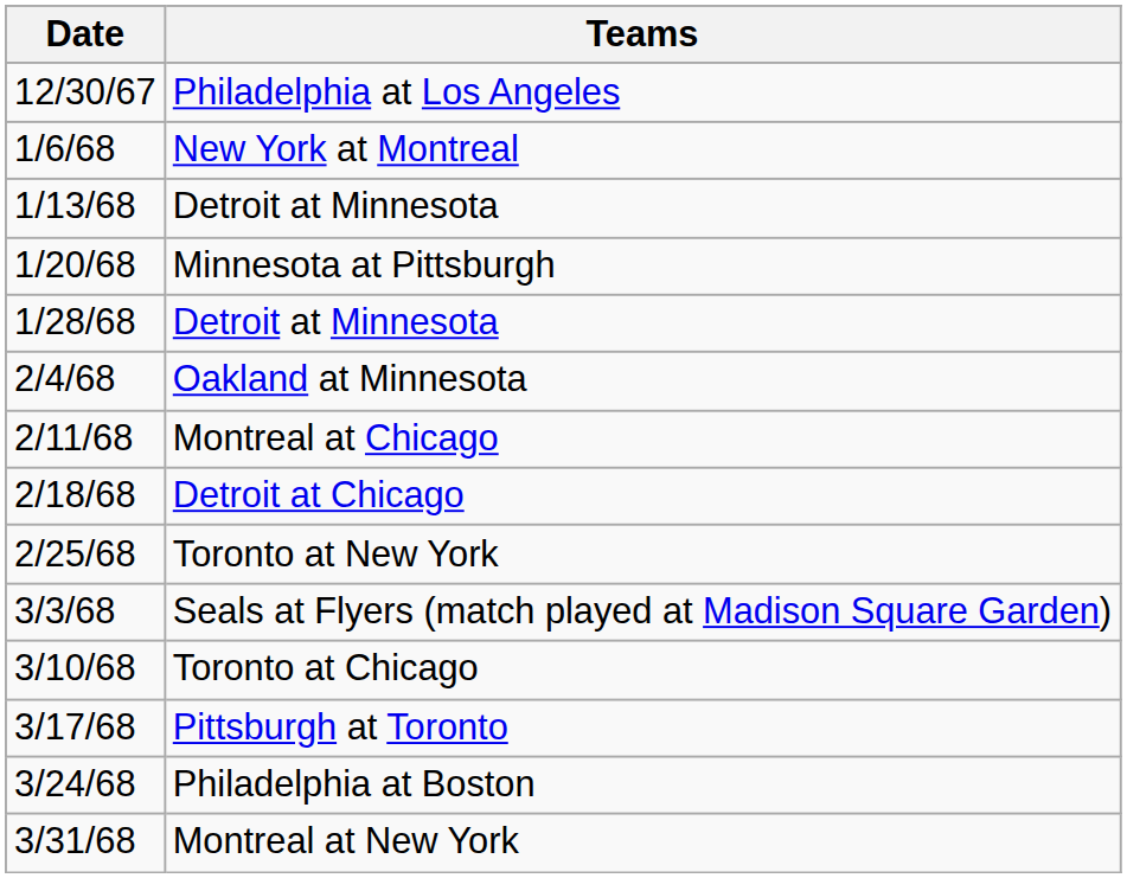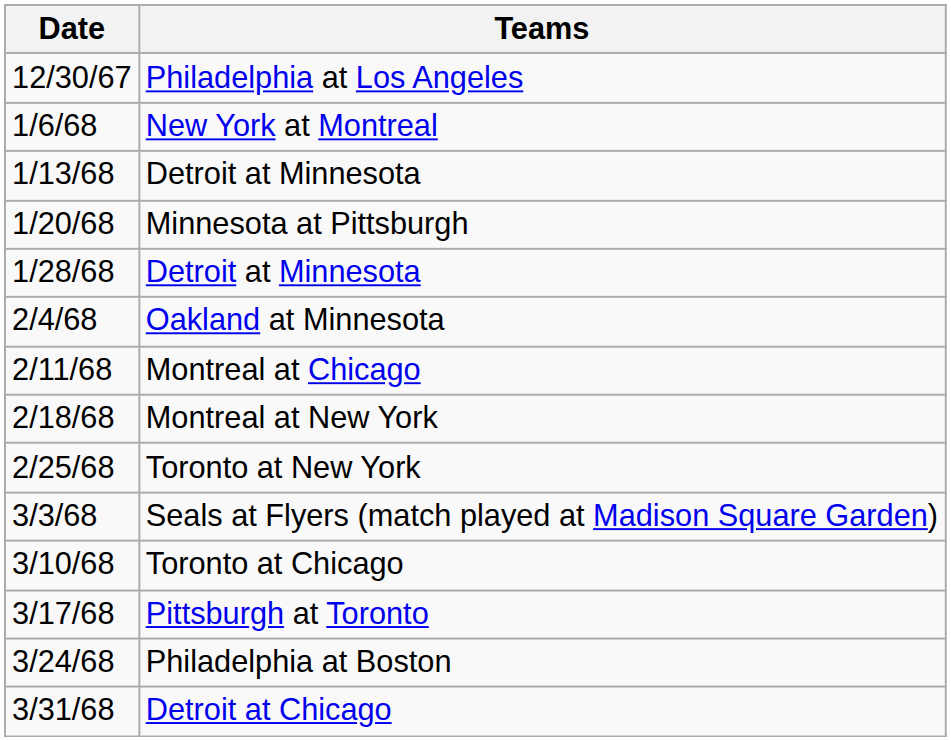 <table class="wikitable">
 <tr>
 <th>Date</th>
 <th>Teams</th>
 </tr>
 <tr>
 <td>12/30/67</td>
 <td><a href='#'>Philadelphia</a> at <a href='#'>Los Angeles</a></td>
 </tr>
 <tr>
 <td>1/6/68</td>
 <td><a href='#'>New York</a> at <a href='#'>Montreal</a></td>
 </tr>
 <tr>
 <td>1/13/68</td>
 <td>Detroit at Minnesota</td>
 </tr>
 <tr>
 <td>1/20/68</td>
 <td>Minnesota at Pittsburgh</td>
 </tr>
 <tr>
 <td>1/28/68</td>
 <td><a href='#'>Detroit</a> at <a href='#'>Minnesota</a></td>
 </tr>
 <tr>
 <td>2/4/68</td>
 <td><a href='#'>Oakland</a> at Minnesota</td>
 </tr>
 <tr>
 <td>2/11/68</td>
 <td>Montreal at <a href='#'>Chicago</a></td>
 </tr>
 <tr>
 <td>2/18/68</td>
-<td><a href='#'>Detroit at Chicago</a></td>
+<td>Montreal at New York</td>
 </tr>
 <tr>
 <td>2/25/68</td>
 <td>Toronto at New York</td>
 </tr>
 <tr>
 <td>3/3/68</td>
 <td>Seals at Flyers (match played at <a href='#'>Madison Square Garden</a>)</td>
 </tr>
 <tr>
 <td>3/10/68</td>
 <td>Toronto at Chicago</td>
 </tr>
 <tr>
 <td>3/17/68</td>
 <td><a href='#'>Pittsburgh</a> at <a href='#'>Toronto</a></td>
 </tr>
 <tr>
 <td>3/24/68</td>
 <td>Philadelphia at Boston</td>
 </tr>
 <tr>
 <td>3/31/68</td>
-<td>Montreal at New York</td>
+<td><a href='#'>Detroit at Chicago</a></td>
 </tr>
 </table>
